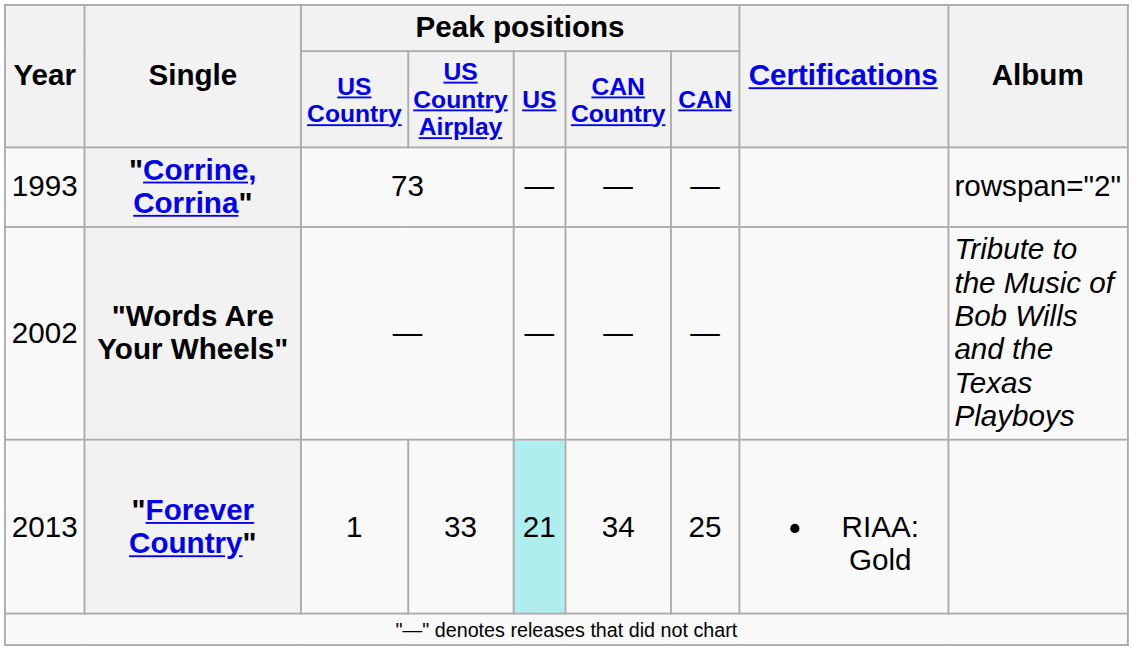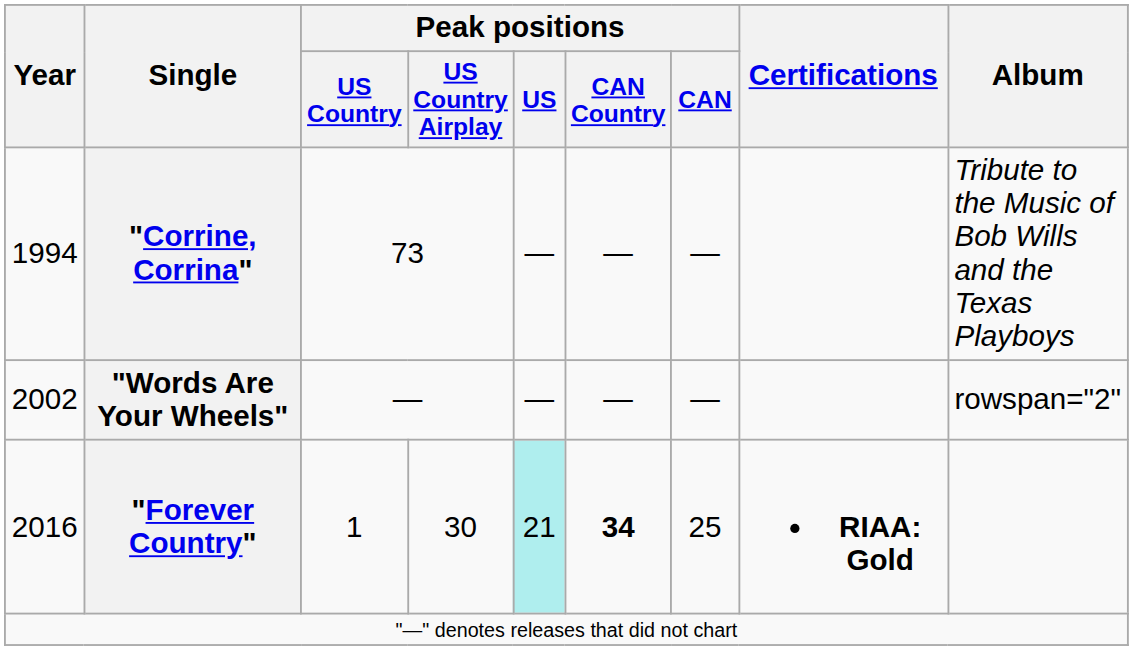 <table class="wikitable plainrowheaders" style="text-align:center;">
 <tr>
 <th rowspan="2">Year</th>
 <th rowspan="2" style="width:25em;">Single</th>
 <th colspan="5">Peak positions</th>
 <th rowspan="2" style="width:8em;"><a href='#'>Certifications</a></th>
 <th rowspan="2">Album</th>
 </tr>
 <tr style="font-size:smaller;">
 <th width="40"><a href='#'>US Country</a><br></th>
 <th width="40"><a href='#'>US Country Airplay</a><br></th>
 <th width="40"><a href='#'>US</a><br></th>
 <th width="40"><a href='#'>CAN Country</a><br></th>
 <th width="40"><a href='#'>CAN</a><br></th>
 </tr>
 <tr>
-<td>1993</td>
+<td>1994</td>
 <th scope="row">"<a href='#'>Corrine, Corrina</a>" </th>
 <td colspan="2">73</td>
 <td>—</td>
 <td>—</td>
 <td>—</td>
 <td></td>
-<td>rowspan="2" </td>
+<td align="left"><em>Tribute to the Music of<br>Bob Wills and the Texas Playboys</em></td>
 </tr>
 <tr>
 <td>2002</td>
 <th scope="row">"Words Are Your Wheels" </th>
 <td colspan="2">—</td>
 <td>—</td>
 <td>—</td>
 <td>—</td>
 <td></td>
-<td align="left"><em>Tribute to the Music of<br>Bob Wills and the Texas Playboys</em></td>
+<td>rowspan="2" </td>
 </tr>
 <tr>
-<td>2013</td>
+<td>2016</td>
 <th scope="row">"<a href='#'>Forever Country</a>" </th>
 <td>1</td>
-<td>33</td>
+<td>30</td>
 <td style="background: paleturquoise;">21</td>
-<td>34</td>
+<td><strong>34</strong></td>
 <td>25</td>
-<td><br><ul><li>RIAA: Gold</li></ul></td>
+<td><strong><br><ul><li>RIAA: Gold</li></ul></strong></td>
 </tr>
 <tr>
 <td colspan="9" style="font-size:8pt">"—" denotes releases that did not chart</td>
 </tr>
 </table>
